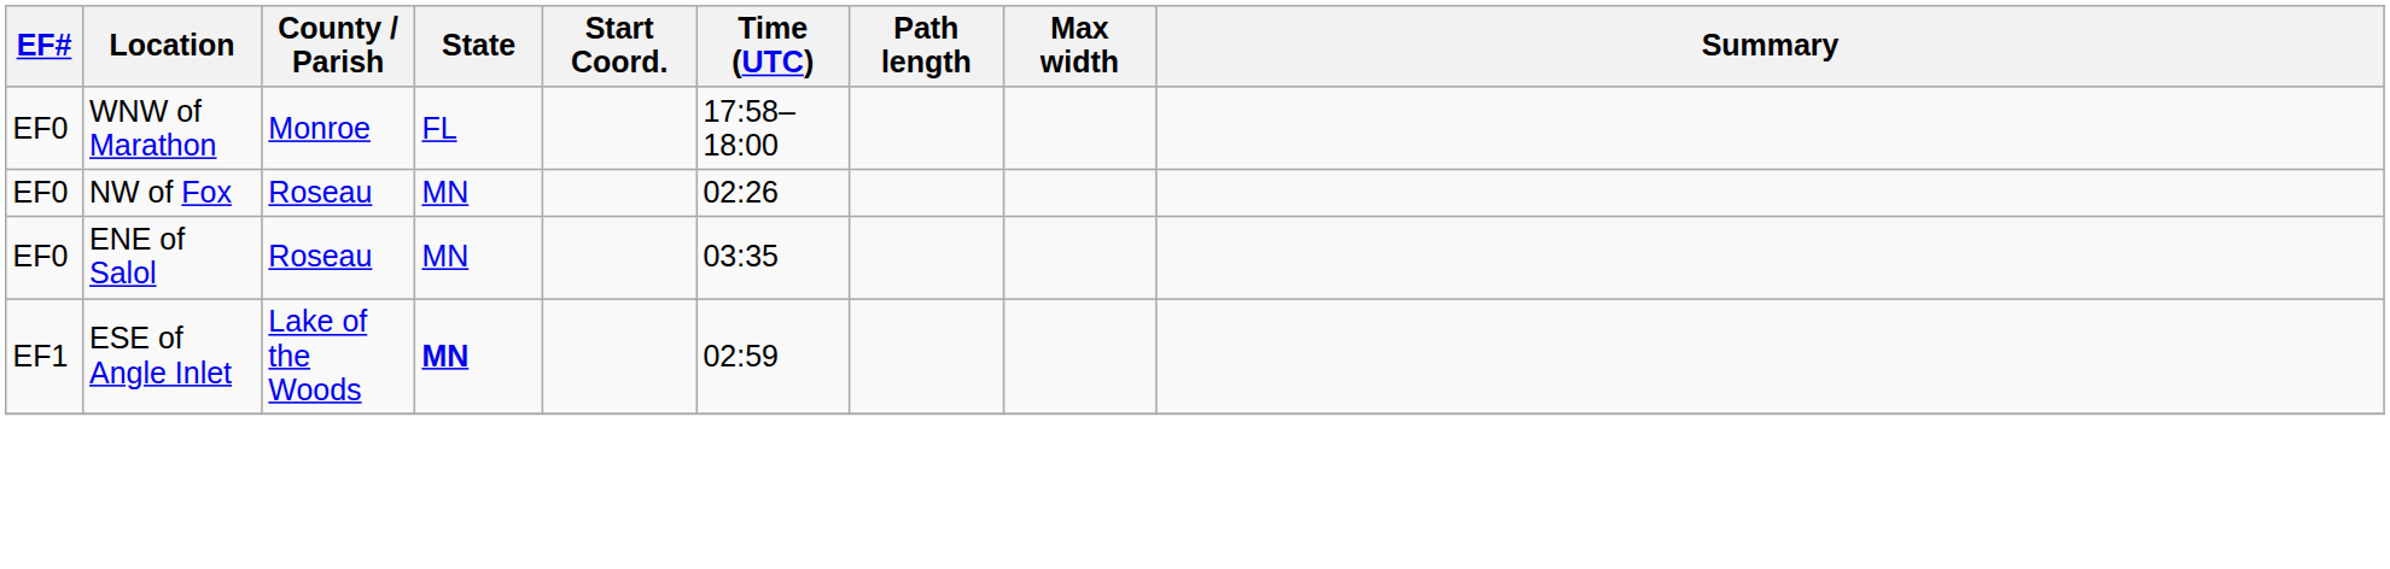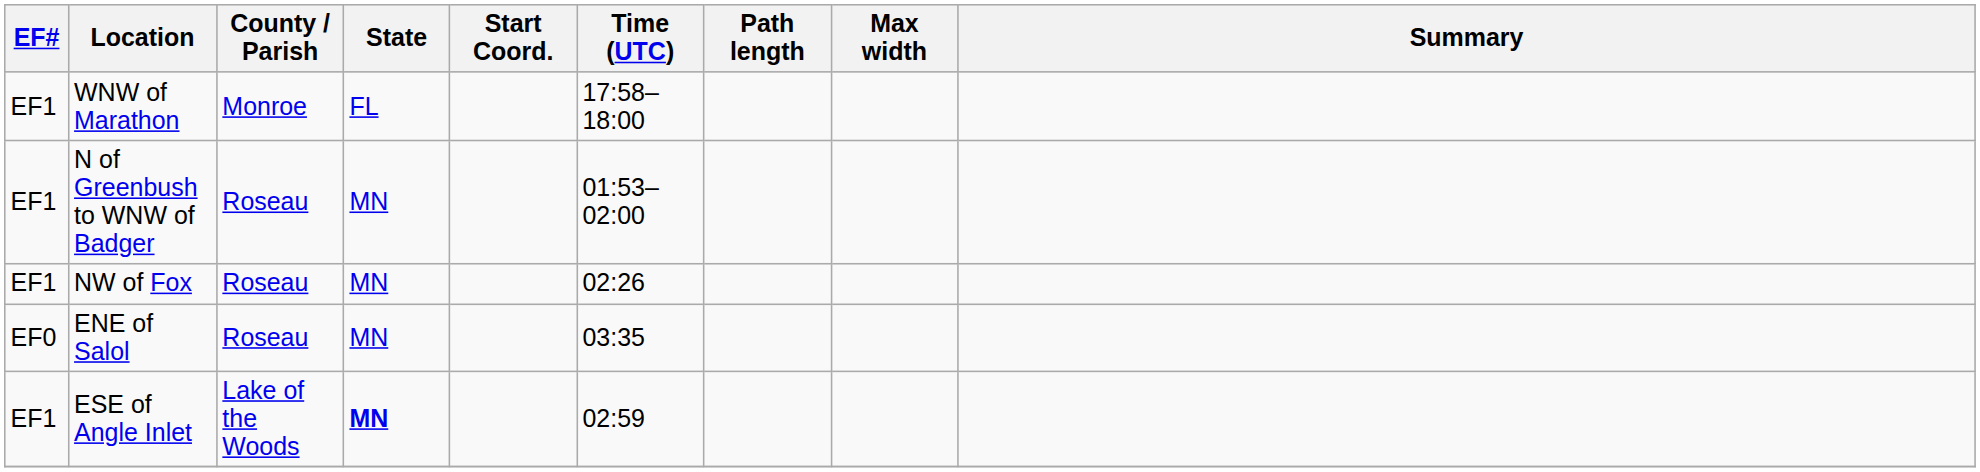 <table class="wikitable sortable" style="width:100%;">
 <tr>
 <th scope="col"  style="width:3%; text-align:center;"><a href='#'>EF#</a></th>
 <th scope="col"  style="width:7%; text-align:center;" class="unsortable">Location</th>
 <th scope="col"  style="width:6%; text-align:center;" class="unsortable">County / Parish</th>
 <th scope="col"  style="width:5%; text-align:center;">State</th>
 <th scope="col"  style="width:6%; text-align:center;">Start Coord.</th>
 <th scope="col"  style="width:6%; text-align:center;">Time (<a href='#'>UTC</a>)</th>
 <th scope="col"  style="width:6%; text-align:center;">Path length</th>
 <th scope="col"  style="width:6%; text-align:center;">Max width</th>
 <th scope="col" class="unsortable" style="width:48%; text-align:center;">Summary</th>
 </tr>
 <tr>
-<td>EF0</td>
+<td>EF1</td>
 <td>WNW of <a href='#'>Marathon</a></td>
 <td><a href='#'>Monroe</a></td>
 <td><a href='#'>FL</a></td>
 <td></td>
 <td>17:58–18:00</td>
 <td></td>
 <td></td>
 <td></td>
 </tr>
 <tr>
-<td>EF0</td>
+<td>EF1</td>
+<td>N of <a href='#'>Greenbush</a> to WNW of <a href='#'>Badger</a></td>
+<td><a href='#'>Roseau</a></td>
+<td><a href='#'>MN</a></td>
+<td></td>
+<td>01:53–02:00</td>
+<td></td>
+<td></td>
+<td></td>
+</tr>
+<tr>
+<td>EF1</td>
 <td>NW of <a href='#'>Fox</a></td>
 <td><a href='#'>Roseau</a></td>
 <td><a href='#'>MN</a></td>
 <td></td>
 <td>02:26</td>
 <td></td>
 <td></td>
 <td></td>
 </tr>
 <tr>
 <td>EF0</td>
 <td>ENE of <a href='#'>Salol</a></td>
 <td><a href='#'>Roseau</a></td>
 <td><a href='#'>MN</a></td>
 <td></td>
 <td>03:35</td>
 <td></td>
 <td></td>
 <td></td>
 </tr>
 <tr>
 <td>EF1</td>
 <td>ESE of <a href='#'>Angle Inlet</a></td>
 <td><a href='#'>Lake of the Woods</a></td>
 <td><strong><a href='#'>MN</a></strong></td>
 <td></td>
 <td>02:59</td>
 <td></td>
 <td></td>
 <td></td>
 </tr>
 <tr>
 </tr>
 </table>
